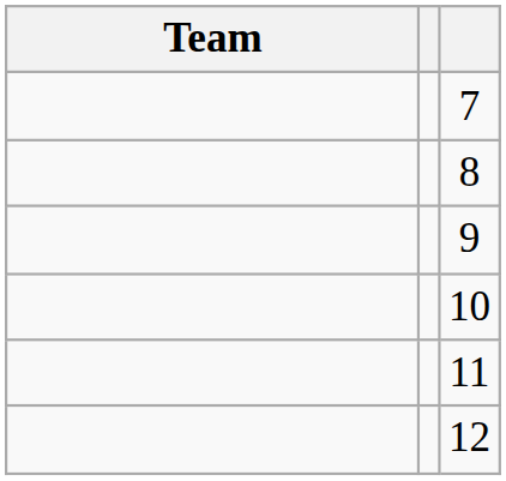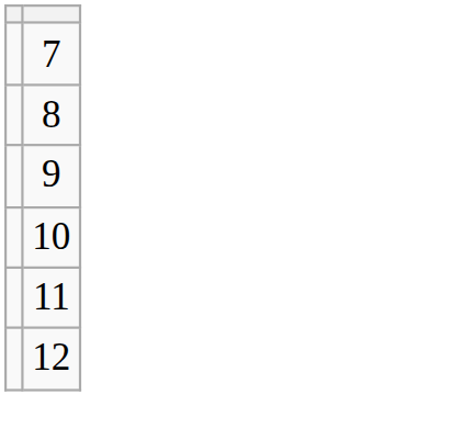 <table class="wikitable" style="white-space:nowrap; display:inline-table;">
 <tr>
-<th style="width:150px">Team</th>
 <th></th>
 <th></th>
 </tr>
 <tr>
 <td></td>
-<td></td>
 <td style="text-align:center">7</td>
 </tr>
 <tr>
-<td></td>
 <td></td>
 <td style="text-align:center">8</td>
 </tr>
 <tr>
 <td></td>
-<td></td>
 <td style="text-align:center">9</td>
 </tr>
 <tr>
-<td></td>
 <td></td>
 <td style="text-align:center">10</td>
 </tr>
 <tr>
 <td></td>
-<td></td>
 <td style="text-align:center">11</td>
 </tr>
 <tr>
 <td></td>
-<td></td>
 <td style="text-align:center">12</td>
 </tr>
 </table>
